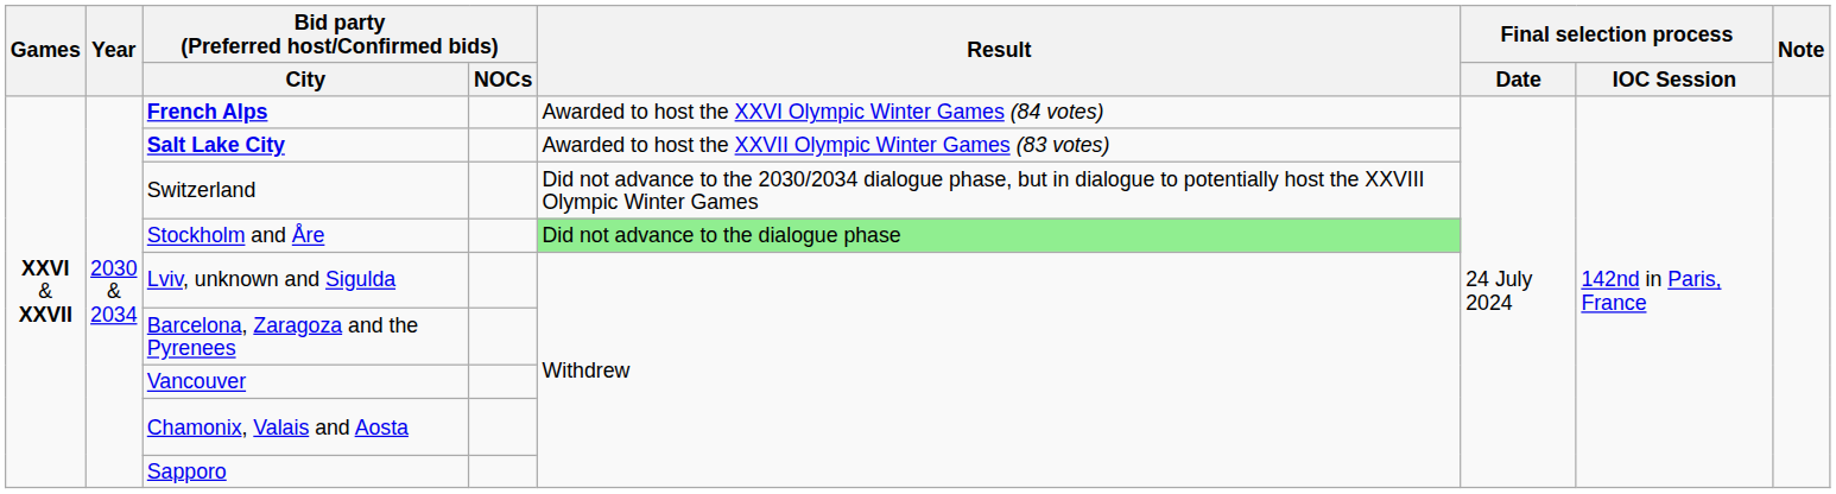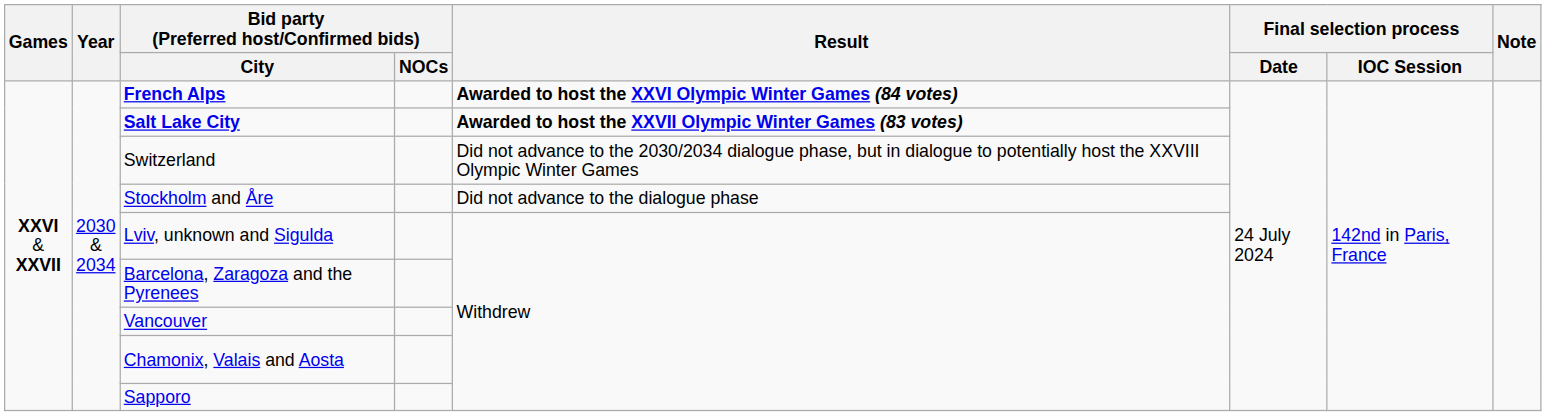 <table class="sortable wikitable" style="font-size:90%">
 <tr>
 <th rowspan=2>Games</th>
 <th rowspan=2>Year</th>
 <th colspan=2>Bid party<br>(Preferred host/Confirmed bids)</th>
 <th rowspan=2>Result</th>
 <th colspan=2>Final selection process</th>
 <th rowspan=2>Note</th>
 </tr>
 <tr>
 <th>City</th>
 <th>NOCs</th>
 <th>Date</th>
 <th>IOC Session</th>
 </tr>
 <tr>
 <td rowspan=9  align=center><strong>XXVI</strong> <br>&<br> <strong>XXVII</strong></td>
 <td rowspan=9  align=center><a href='#'>2030</a> <br>&<br> <a href='#'>2034</a></td>
 <td><strong><a href='#'>French Alps</a></strong></td>
 <td><strong></strong></td>
-<td>Awarded to host the <a href='#'>XXVI Olympic Winter Games</a> <em>(84 votes)</em></td>
+<td><strong>Awarded to host the <a href='#'>XXVI Olympic Winter Games</a> <em>(84 votes)</em></strong></td>
 <td rowspan="9">24 July 2024</td>
 <td rowspan="9"><a href='#'>142nd</a> in <a href='#'>Paris, France</a></td>
 </tr>
 <tr>
 <td><strong><a href='#'>Salt Lake City</a></strong></td>
 <td><strong></strong></td>
-<td>Awarded to host the <a href='#'>XXVII Olympic Winter Games</a> <em>(83 votes)</em></td>
+<td><strong>Awarded to host the <a href='#'>XXVII Olympic Winter Games</a> <em>(83 votes)</em></strong></td>
 </tr>
 <tr>
 <td>Switzerland</td>
 <td></td>
 <td>Did not advance to the 2030/2034 dialogue phase, but in dialogue to potentially host the XXVIII Olympic Winter Games</td>
 </tr>
 <tr>
 <td><a href='#'>Stockholm</a> and <a href='#'>Åre</a></td>
 <td></td>
-<td style="background: lightgreen;">Did not advance to the dialogue phase</td>
+<td>Did not advance to the dialogue phase</td>
 </tr>
 <tr>
 <td><a href='#'>Lviv</a>, unknown and <a href='#'>Sigulda</a></td>
 <td><br><br></td>
 <td rowspan="6">Withdrew</td>
 </tr>
 <tr>
 <td><a href='#'>Barcelona</a>, <a href='#'>Zaragoza</a> and the <a href='#'>Pyrenees</a></td>
 <td></td>
 </tr>
 <tr>
 <td><a href='#'>Vancouver</a></td>
 <td></td>
 </tr>
 <tr>
 <td><a href='#'>Chamonix</a>, <a href='#'>Valais</a> and <a href='#'>Aosta</a></td>
 <td><br><br></td>
 </tr>
 <tr>
 <td><a href='#'>Sapporo</a></td>
 <td></td>
 </tr>
 </table>
